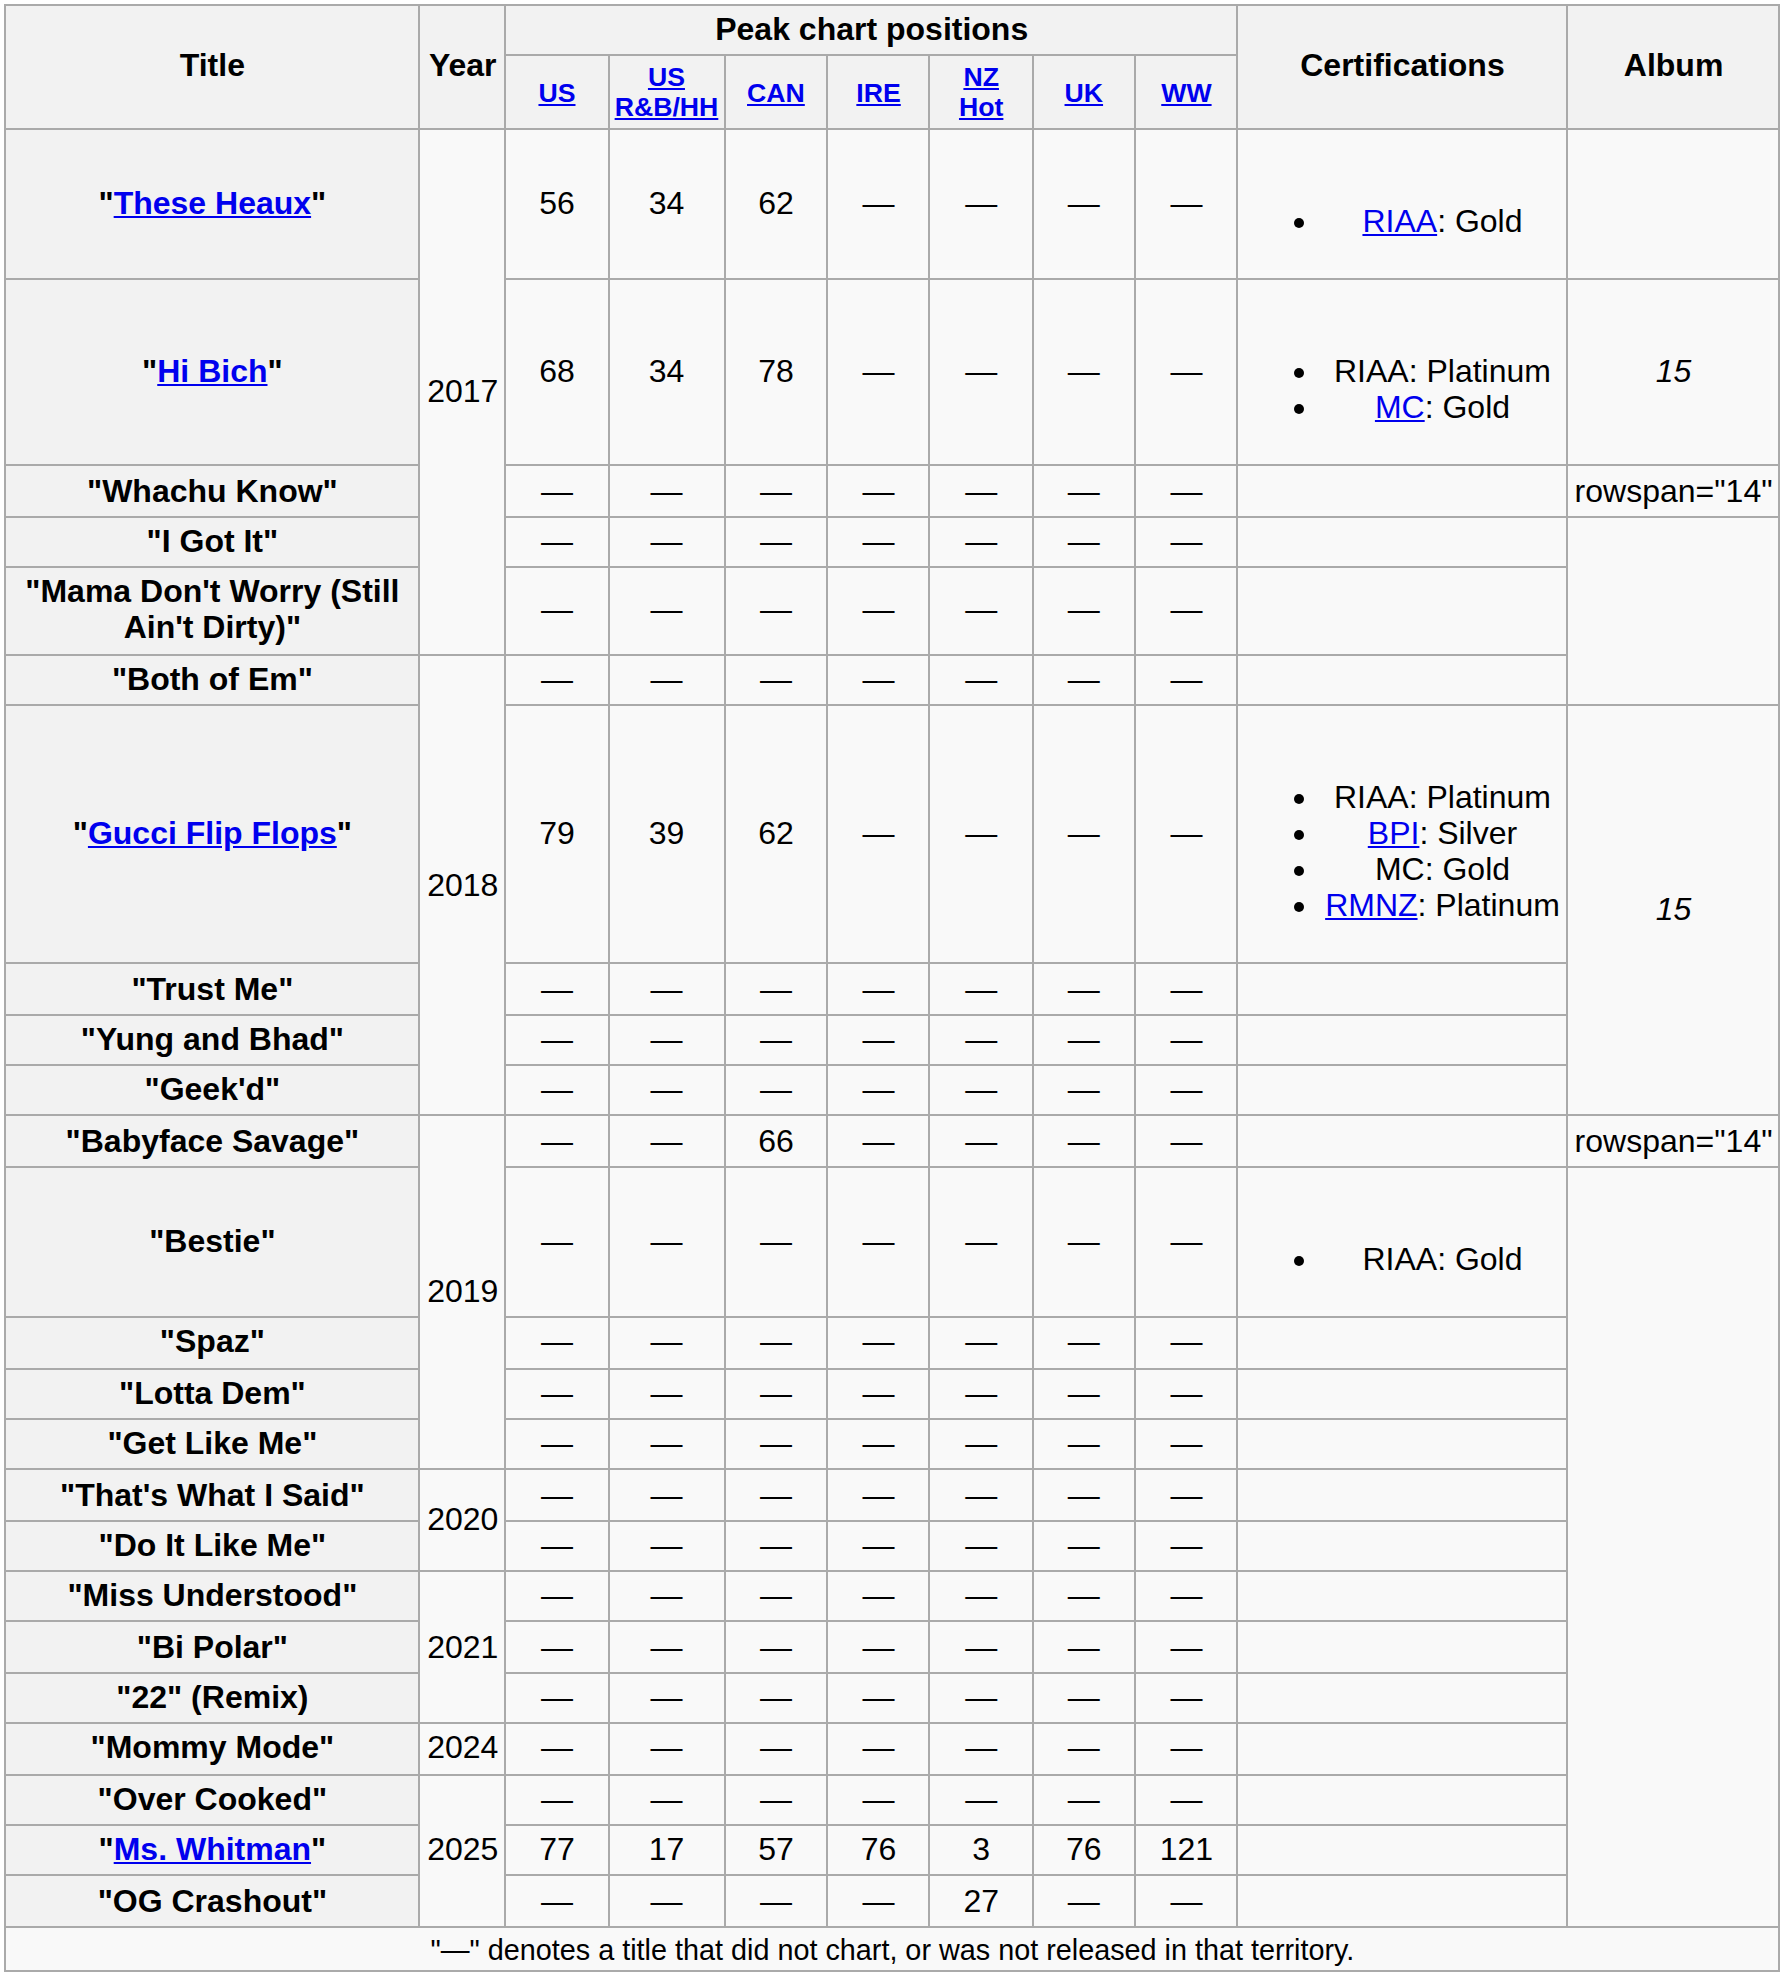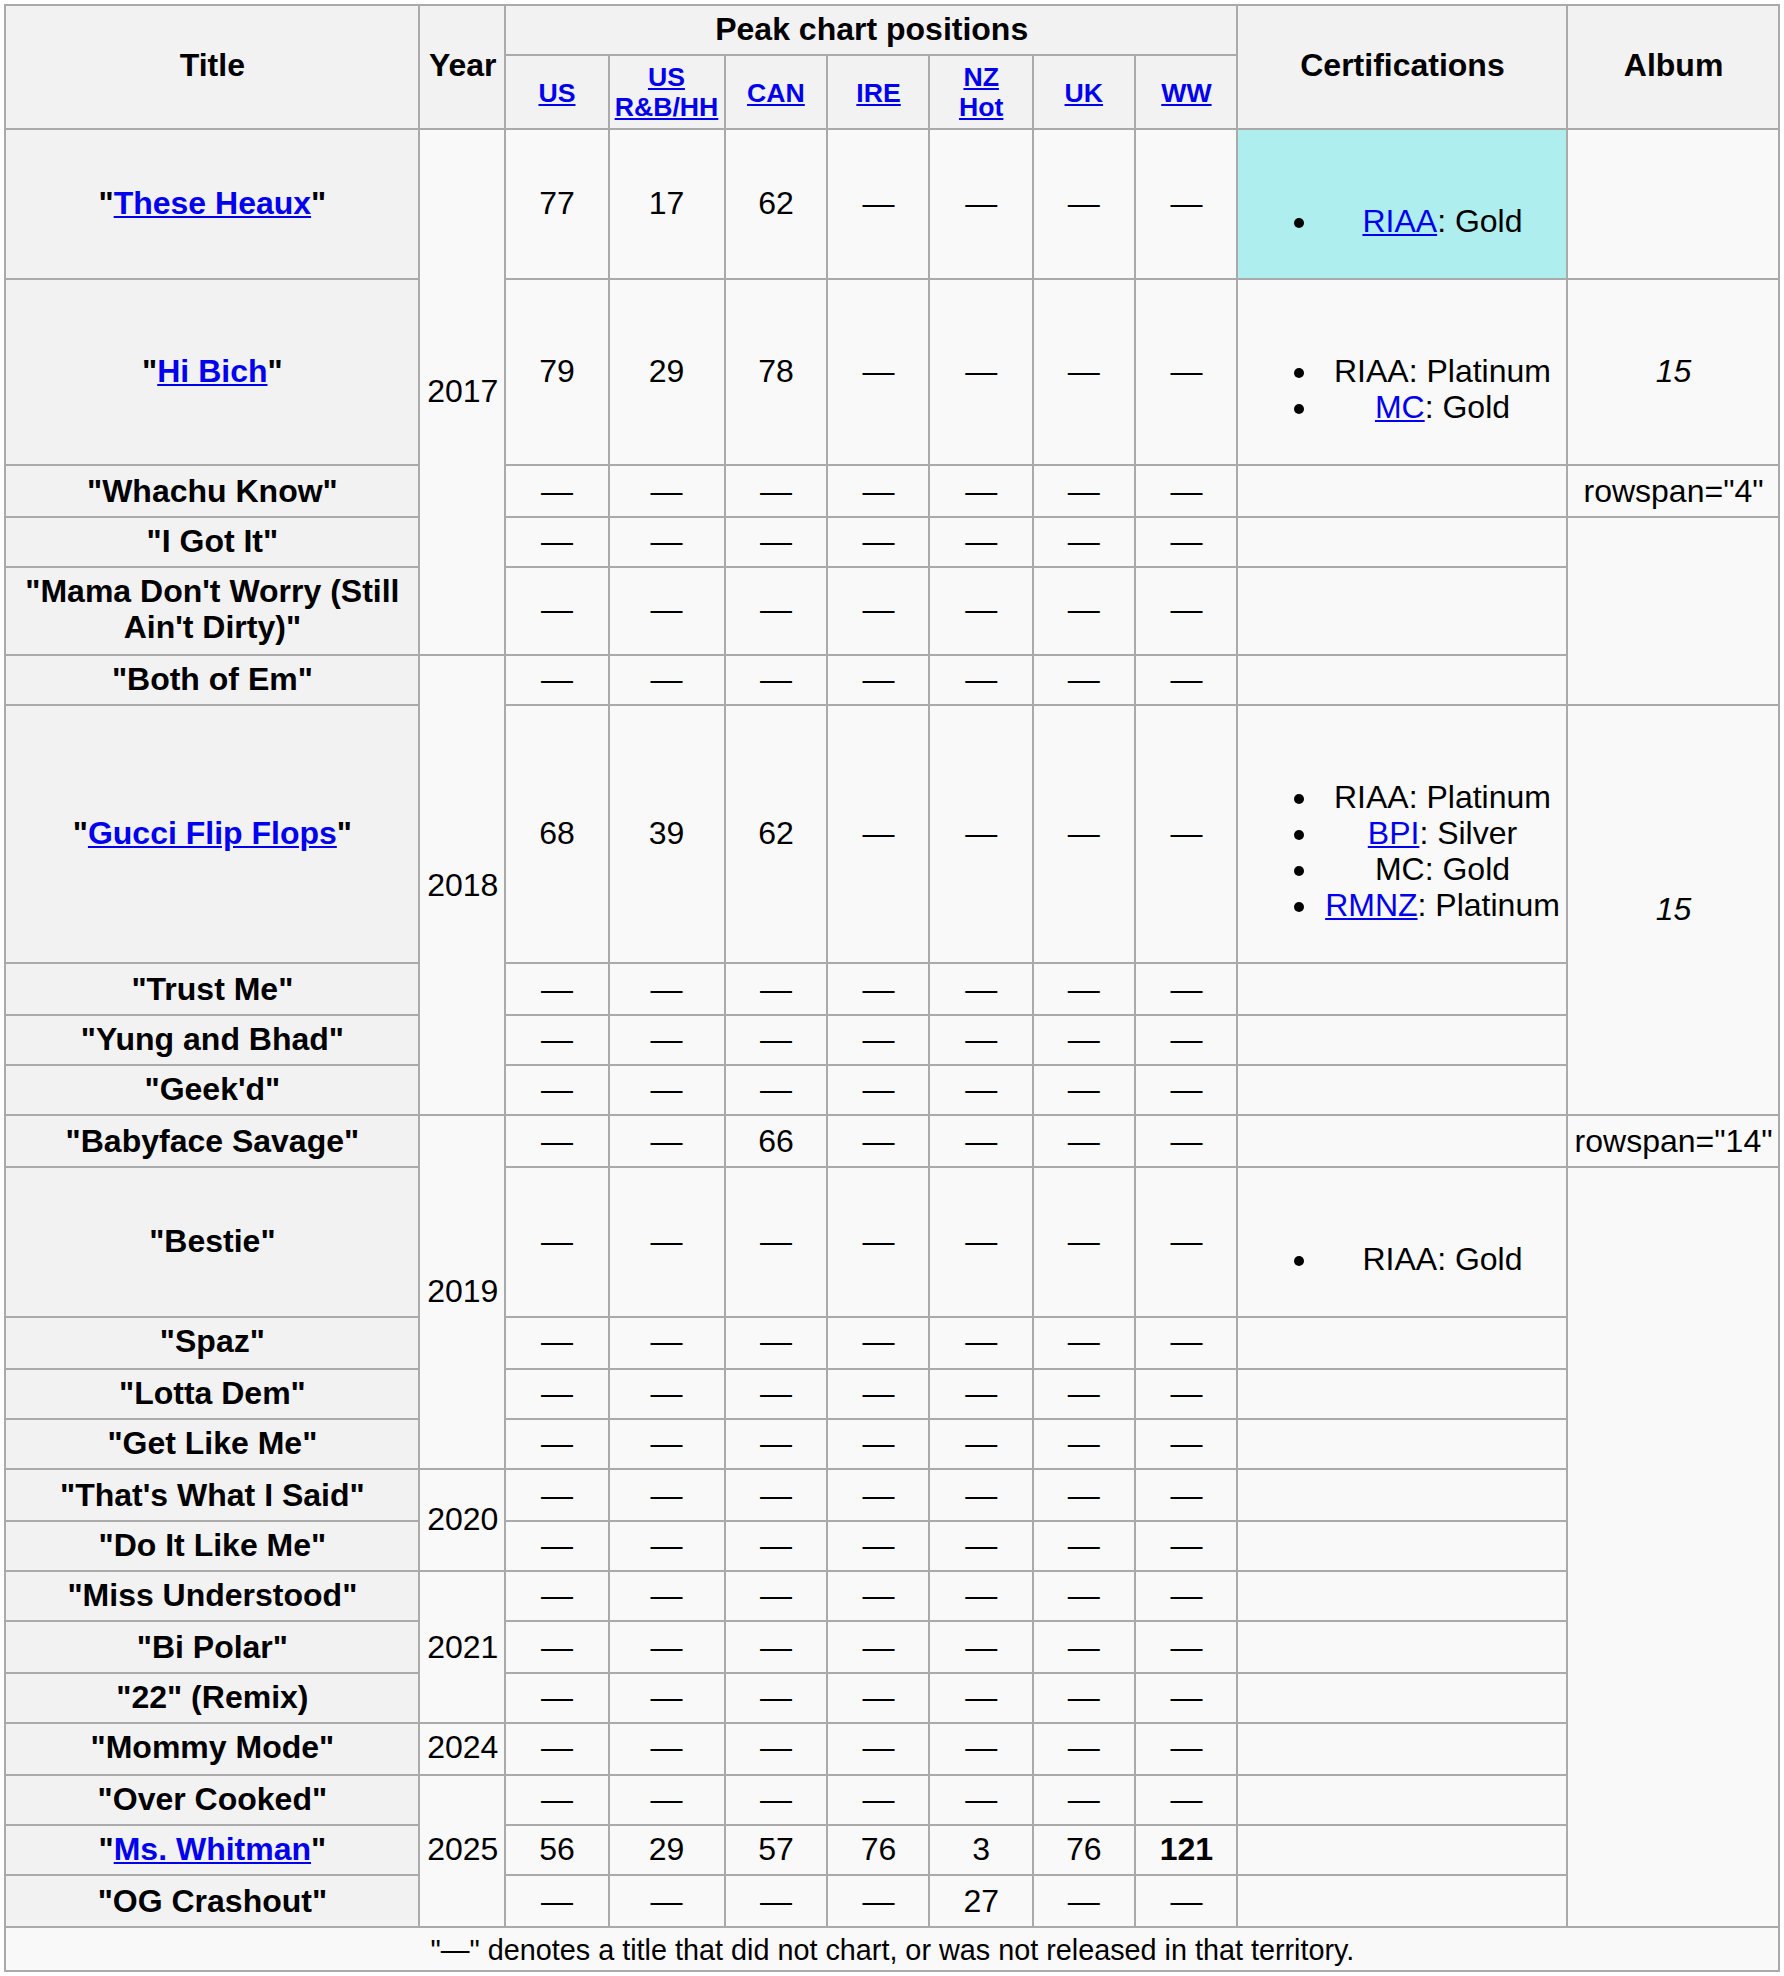 <table class="wikitable plainrowheaders" style="text-align:center;">
 <tr>
 <th scope="col" rowspan="2" style="width:200px;">Title</th>
 <th scope="col" rowspan="2">Year</th>
 <th scope="col" colspan="7">Peak chart positions</th>
 <th scope="col" rowspan="2">Certifications</th>
 <th scope="col" rowspan="2">Album</th>
 </tr>
 <tr style="font-size:smaller;">
 <th scope="col" style="width:45px;"><a href='#'>US</a><br></th>
 <th scope="col" style="width:45px;"><a href='#'>US<br>R&B/HH</a><br></th>
 <th scope="col" style="width:45px;"><a href='#'>CAN</a><br></th>
 <th scope="col" style="width:45px;"><a href='#'>IRE</a><br></th>
 <th scope="col" style="width:45px;"><a href='#'>NZ<br>Hot</a><br></th>
 <th scope="col" style="width:45px;"><a href='#'>UK</a><br></th>
 <th scope="col" style="width:45px;"><a href='#'>WW</a><br></th>
 </tr>
 <tr>
 <th scope="row">"<a href='#'>These Heaux</a>"</th>
 <td rowspan="5">2017</td>
-<td>56</td>
-<td>34</td>
+<td>77</td>
+<td>17</td>
 <td>62</td>
 <td>—</td>
 <td>—</td>
 <td>—</td>
 <td>—</td>
-<td><br><ul><li><a href='#'>RIAA</a>: Gold</li></ul></td>
+<td style="background: paleturquoise;"><br><ul><li><a href='#'>RIAA</a>: Gold</li></ul></td>
 <td></td>
 </tr>
 <tr>
 <th scope="row">"<a href='#'>Hi Bich</a>"</th>
-<td>68</td>
-<td>34</td>
+<td>79</td>
+<td>29</td>
 <td>78</td>
 <td>—</td>
 <td>—</td>
 <td>—</td>
 <td>—</td>
 <td><br><ul><li>RIAA: Platinum</li><li><a href='#'>MC</a>: Gold</li></ul></td>
 <td><em>15</em></td>
 </tr>
 <tr>
 <th scope="row">"Whachu Know"</th>
 <td>—</td>
 <td>—</td>
 <td>—</td>
 <td>—</td>
 <td>—</td>
 <td>—</td>
 <td>—</td>
 <td></td>
-<td>rowspan="14" </td>
+<td>rowspan="4" </td>
 </tr>
 <tr>
 <th scope="row">"I Got It"</th>
 <td>—</td>
 <td>—</td>
 <td>—</td>
 <td>—</td>
 <td>—</td>
 <td>—</td>
 <td>—</td>
 <td></td>
 </tr>
 <tr>
 <th scope="row">"Mama Don't Worry (Still Ain't Dirty)"</th>
 <td>—</td>
 <td>—</td>
 <td>—</td>
 <td>—</td>
 <td>—</td>
 <td>—</td>
 <td>—</td>
 <td></td>
 </tr>
 <tr>
 <th scope="row">"Both of Em"</th>
 <td rowspan="5">2018</td>
 <td>—</td>
 <td>—</td>
 <td>—</td>
 <td>—</td>
 <td>—</td>
 <td>—</td>
 <td>—</td>
 <td></td>
 </tr>
 <tr>
 <th scope="row">"<a href='#'>Gucci Flip Flops</a>"<br></th>
-<td>79</td>
+<td>68</td>
 <td>39</td>
 <td>62</td>
 <td>—</td>
 <td>—</td>
 <td>—</td>
 <td>—</td>
 <td><br><ul><li>RIAA: Platinum</li><li><a href='#'>BPI</a>: Silver</li><li>MC: Gold</li><li><a href='#'>RMNZ</a>: Platinum</li></ul></td>
 <td rowspan="4"><em>15</em></td>
 </tr>
 <tr>
 <th scope="row">"Trust Me"<br></th>
 <td>—</td>
 <td>—</td>
 <td>—</td>
 <td>—</td>
 <td>—</td>
 <td>—</td>
 <td>—</td>
 <td></td>
 </tr>
 <tr>
 <th scope="row">"Yung and Bhad" </th>
 <td>—</td>
 <td>—</td>
 <td>—</td>
 <td>—</td>
 <td>—</td>
 <td>—</td>
 <td>—</td>
 <td></td>
 </tr>
 <tr>
 <th scope="row">"Geek'd" </th>
 <td>—</td>
 <td>—</td>
 <td>—</td>
 <td>—</td>
 <td>—</td>
 <td>—</td>
 <td>—</td>
 <td></td>
 </tr>
 <tr>
 <th scope="row">"Babyface Savage"<br></th>
 <td rowspan="5">2019</td>
 <td>—</td>
 <td>—</td>
 <td>66</td>
 <td>—</td>
 <td>—</td>
 <td>—</td>
 <td>—</td>
 <td></td>
 <td>rowspan="14" </td>
 </tr>
 <tr>
 <th scope="row">"Bestie"<br></th>
 <td>—</td>
 <td>—</td>
 <td>—</td>
 <td>—</td>
 <td>—</td>
 <td>—</td>
 <td>—</td>
 <td><br><ul><li>RIAA: Gold</li></ul></td>
 </tr>
 <tr>
 <th scope="row">"Spaz" <br></th>
 <td>—</td>
 <td>—</td>
 <td>—</td>
 <td>—</td>
 <td>—</td>
 <td>—</td>
 <td>—</td>
 <td></td>
 </tr>
 <tr>
 <th scope="row">"Lotta Dem"</th>
 <td>—</td>
 <td>—</td>
 <td>—</td>
 <td>—</td>
 <td>—</td>
 <td>—</td>
 <td>—</td>
 <td></td>
 </tr>
 <tr>
 <th scope="row">"Get Like Me"<br></th>
 <td>—</td>
 <td>—</td>
 <td>—</td>
 <td>—</td>
 <td>—</td>
 <td>—</td>
 <td>—</td>
 <td></td>
 </tr>
 <tr>
 <th scope="row">"That's What I Said"</th>
 <td rowspan="2">2020</td>
 <td>—</td>
 <td>—</td>
 <td>—</td>
 <td>—</td>
 <td>—</td>
 <td>—</td>
 <td>—</td>
 <td></td>
 </tr>
 <tr>
 <th scope="row">"Do It Like Me"</th>
 <td>—</td>
 <td>—</td>
 <td>—</td>
 <td>—</td>
 <td>—</td>
 <td>—</td>
 <td>—</td>
 <td></td>
 </tr>
 <tr>
 <th scope="row">"Miss Understood"</th>
 <td rowspan="3">2021</td>
 <td>—</td>
 <td>—</td>
 <td>—</td>
 <td>—</td>
 <td>—</td>
 <td>—</td>
 <td>—</td>
 <td></td>
 </tr>
 <tr>
 <th scope="row">"Bi Polar"</th>
 <td>—</td>
 <td>—</td>
 <td>—</td>
 <td>—</td>
 <td>—</td>
 <td>—</td>
 <td>—</td>
 <td></td>
 </tr>
 <tr>
 <th scope="row">"22" (Remix) </th>
 <td>—</td>
 <td>—</td>
 <td>—</td>
 <td>—</td>
 <td>—</td>
 <td>—</td>
 <td>—</td>
 <td></td>
 </tr>
 <tr>
 <th scope="row">"Mommy Mode"</th>
 <td>2024</td>
 <td>—</td>
 <td>—</td>
 <td>—</td>
 <td>—</td>
 <td>—</td>
 <td>—</td>
 <td>—</td>
 <td></td>
 </tr>
 <tr>
 <th scope="row">"Over Cooked"</th>
 <td rowspan="3">2025</td>
 <td>—</td>
 <td>—</td>
 <td>—</td>
 <td>—</td>
 <td>—</td>
 <td>—</td>
 <td>—</td>
 <td></td>
 </tr>
 <tr>
 <th scope="row">"<a href='#'>Ms. Whitman</a>"</th>
-<td>77</td>
-<td>17</td>
+<td>56</td>
+<td>29</td>
 <td>57</td>
 <td>76</td>
 <td>3</td>
 <td>76</td>
-<td>121</td>
+<td><strong>121</strong></td>
 <td></td>
 </tr>
 <tr>
 <th scope="row">"OG Crashout"</th>
 <td>—</td>
 <td>—</td>
 <td>—</td>
 <td>—</td>
 <td>27</td>
 <td>—</td>
 <td>—</td>
 <td></td>
 </tr>
 <tr>
 <td colspan="11" style="font-size:90%">"—" denotes a title that did not chart, or was not released in that territory.</td>
 </tr>
 </table>
